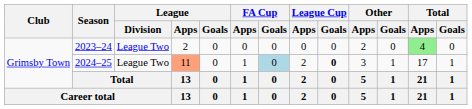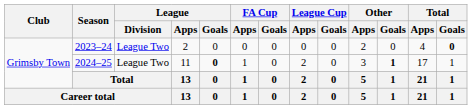 <table class="wikitable" style="text-align: center">
 <tr>
 <th rowspan="2">Club</th>
 <th rowspan="2">Season</th>
 <th colspan="3">League</th>
 <th colspan="2"><a href='#'>FA Cup</a></th>
 <th colspan="2"><a href='#'>League Cup</a></th>
 <th colspan="2">Other</th>
 <th colspan="2">Total</th>
 </tr>
 <tr>
 <th>Division</th>
 <th>Apps</th>
 <th>Goals</th>
 <th>Apps</th>
 <th>Goals</th>
 <th>Apps</th>
 <th>Goals</th>
 <th>Apps</th>
 <th>Goals</th>
 <th>Apps</th>
 <th>Goals</th>
 </tr>
 <tr>
 <td rowspan="3"><a href='#'>Grimsby Town</a></td>
 <td><a href='#'>2023–24</a></td>
 <td><a href='#'>League Two</a></td>
 <td>2</td>
 <td>0</td>
 <td>0</td>
 <td>0</td>
 <td>0</td>
 <td>0</td>
 <td>2</td>
 <td>0</td>
-<td style="background: lightgreen;">4</td>
-<td>0</td>
+<td>4</td>
+<td><strong>0</strong></td>
 </tr>
 <tr>
 <td><a href='#'>2024–25</a></td>
 <td>League Two</td>
-<td style="background: lightsalmon;">11</td>
+<td>11</td>
+<td><strong>0</strong></td>
+<td>1</td>
 <td>0</td>
-<td>1</td>
-<td style="background: lightblue;">0</td>
 <td>2</td>
-<td><strong>0</strong></td>
+<td>0</td>
 <td>3</td>
-<td>1</td>
+<td><strong>1</strong></td>
 <td>17</td>
 <td>1</td>
 </tr>
 <tr>
 <th colspan="2">Total</th>
 <th>13</th>
 <th>0</th>
 <th>1</th>
 <th>0</th>
 <th>2</th>
 <th>0</th>
 <th>5</th>
 <th>1</th>
 <th>21</th>
 <th>1</th>
 </tr>
 <tr>
 <th colspan="3">Career total</th>
 <th>13</th>
 <th>0</th>
 <th>1</th>
 <th>0</th>
 <th>2</th>
 <th>0</th>
 <th>5</th>
 <th>1</th>
 <th>21</th>
 <th>1</th>
 </tr>
 </table>
